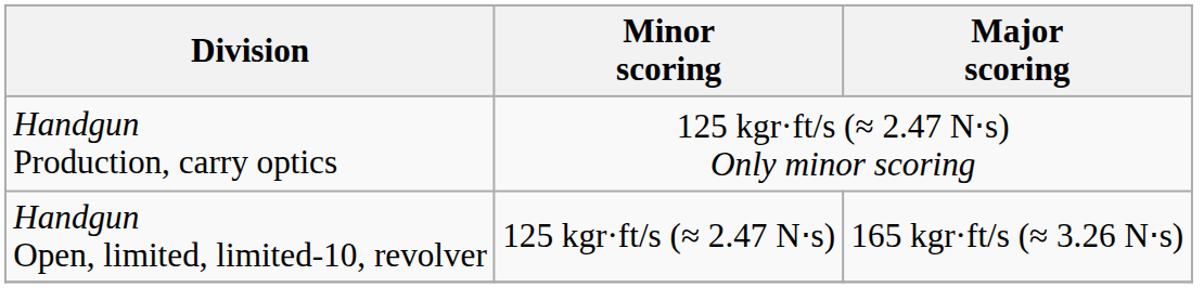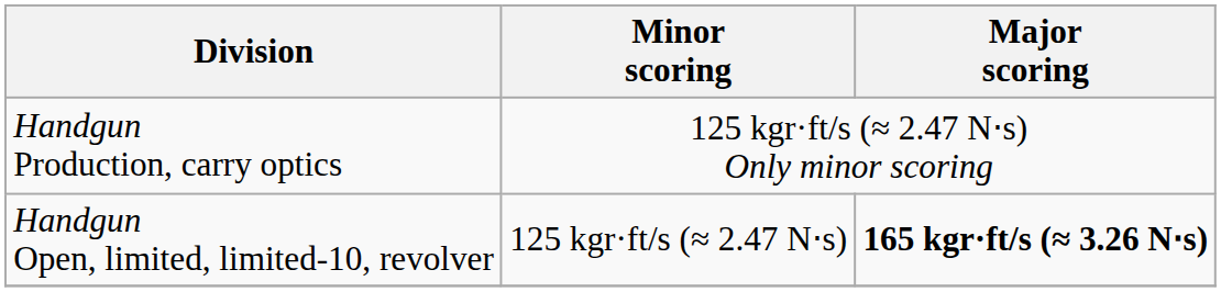 <table class="sortable wikitable">
 <tr>
 <th>Division</th>
 <th>Minor <br>scoring</th>
 <th>Major <br>scoring</th>
 </tr>
 <tr>
 <td><em>Handgun</em> <br>Production, carry optics</td>
 <td colspan="2" style="text-align: center;">125 kgr·ft/s (≈ 2.47 N⋅s) <br><em>Only minor scoring</em></td>
 </tr>
 <tr>
 <td><em>Handgun</em> <br>Open, limited, limited-10, revolver</td>
 <td>125 kgr·ft/s (≈ 2.47 N⋅s)</td>
-<td>165 kgr·ft/s (≈ 3.26 N⋅s)</td>
+<td><strong>165 kgr·ft/s (≈ 3.26 N⋅s)</strong></td>
 </tr>
 <tr>
 </tr>
 </table>
